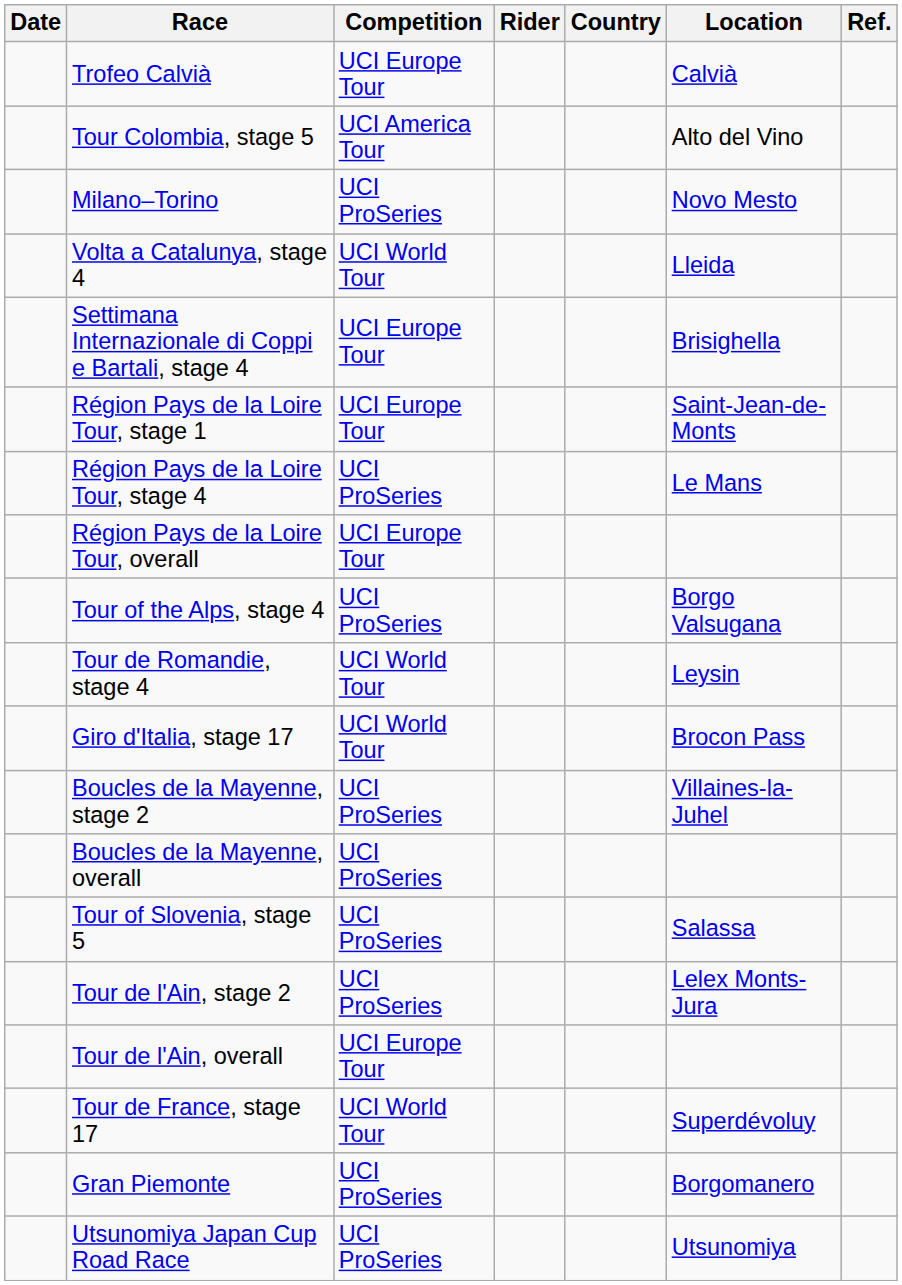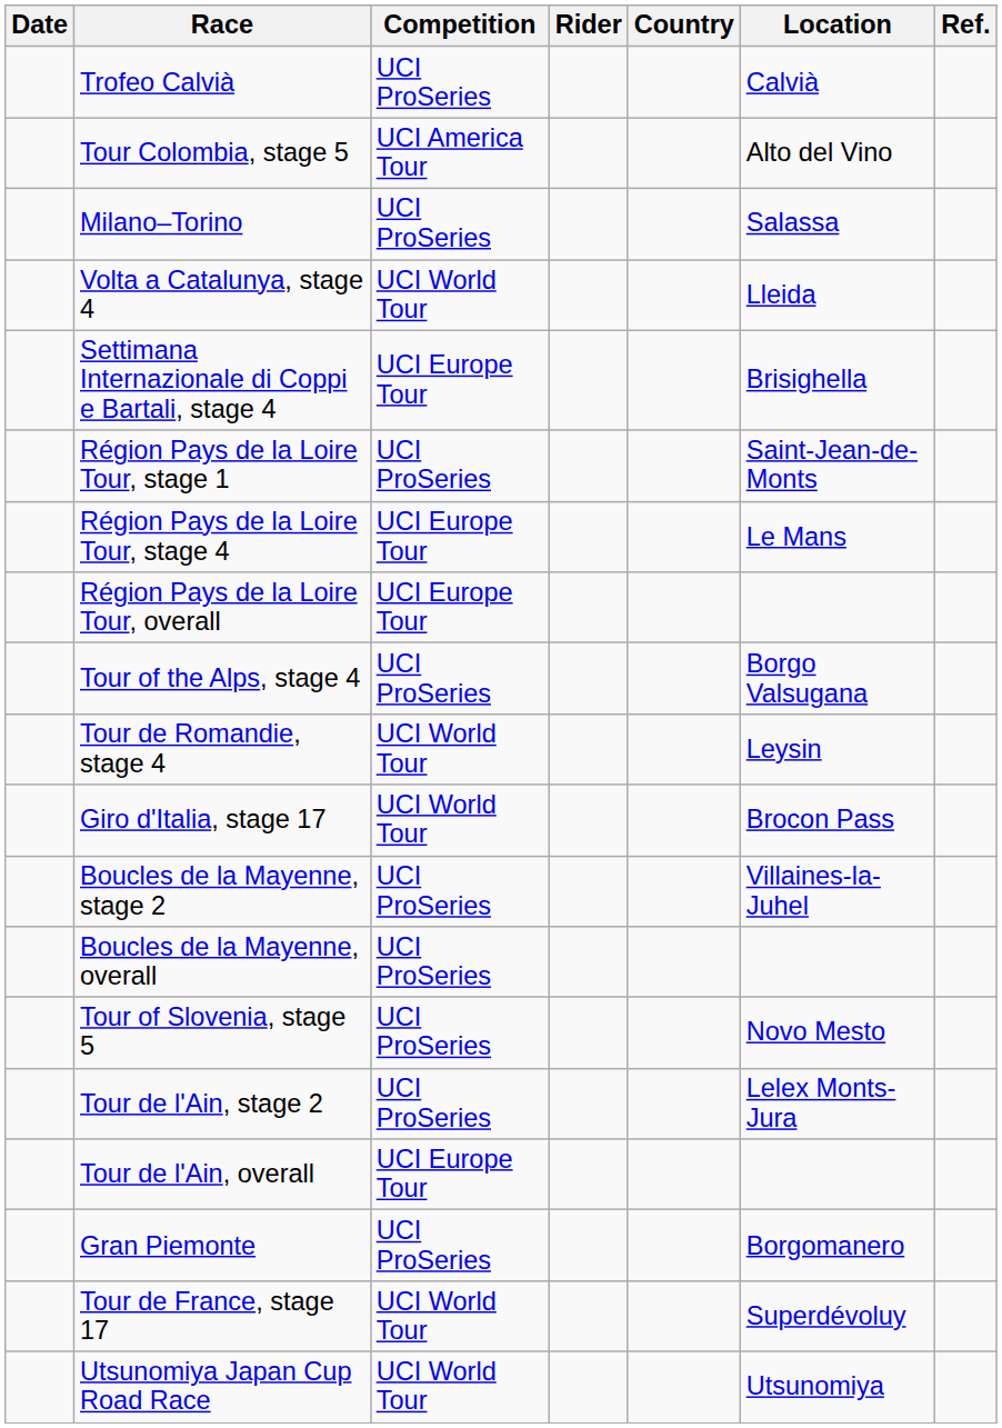 <table class="wikitable sortable">
 <tr>
 <th>Date</th>
 <th>Race</th>
 <th>Competition</th>
 <th>Rider</th>
 <th>Country</th>
 <th>Location</th>
 <th class="unsortable">Ref.</th>
 </tr>
 <tr>
 <td></td>
 <td><a href='#'>Trofeo Calvià</a></td>
-<td><a href='#'>UCI Europe Tour</a></td>
+<td><a href='#'>UCI ProSeries</a></td>
 <td></td>
 <td></td>
 <td><a href='#'>Calvià</a></td>
 <td align="center"></td>
 </tr>
 <tr>
 <td></td>
 <td><a href='#'>Tour Colombia</a>, stage 5</td>
 <td><a href='#'>UCI America Tour</a></td>
 <td></td>
 <td></td>
 <td>Alto del Vino</td>
 <td align="center"></td>
 </tr>
 <tr>
 <td></td>
 <td><a href='#'>Milano–Torino</a></td>
 <td><a href='#'>UCI ProSeries</a></td>
 <td></td>
 <td></td>
-<td><a href='#'>Novo Mesto</a></td>
+<td><a href='#'>Salassa</a></td>
 <td align="center"></td>
 </tr>
 <tr>
 <td></td>
 <td><a href='#'>Volta a Catalunya</a>, stage 4</td>
 <td><a href='#'>UCI World Tour</a></td>
 <td></td>
 <td></td>
 <td><a href='#'>Lleida</a></td>
 <td align="center"></td>
 </tr>
 <tr>
 <td></td>
 <td><a href='#'>Settimana Internazionale di Coppi e Bartali</a>, stage 4</td>
 <td><a href='#'>UCI Europe Tour</a></td>
 <td></td>
 <td></td>
 <td><a href='#'>Brisighella</a></td>
 <td align="center"></td>
 </tr>
 <tr>
 <td></td>
 <td><a href='#'>Région Pays de la Loire Tour</a>, stage 1</td>
-<td><a href='#'>UCI Europe Tour</a></td>
+<td><a href='#'>UCI ProSeries</a></td>
 <td></td>
 <td></td>
 <td><a href='#'>Saint-Jean-de-Monts</a></td>
 <td align="center"></td>
 </tr>
 <tr>
 <td></td>
 <td><a href='#'>Région Pays de la Loire Tour</a>, stage 4</td>
-<td><a href='#'>UCI ProSeries</a></td>
+<td><a href='#'>UCI Europe Tour</a></td>
 <td></td>
 <td></td>
 <td><a href='#'>Le Mans</a></td>
 <td align="center"></td>
 </tr>
 <tr>
 <td></td>
 <td><a href='#'>Région Pays de la Loire Tour</a>, overall</td>
 <td><a href='#'>UCI Europe Tour</a></td>
 <td></td>
 <td></td>
 <td></td>
 <td align="center"></td>
 </tr>
 <tr>
 <td></td>
 <td><a href='#'>Tour of the Alps</a>, stage 4</td>
 <td><a href='#'>UCI ProSeries</a></td>
 <td></td>
 <td></td>
 <td><a href='#'>Borgo Valsugana</a></td>
 <td align="center"></td>
 </tr>
 <tr>
 <td></td>
 <td><a href='#'>Tour de Romandie</a>, stage 4</td>
 <td><a href='#'>UCI World Tour</a></td>
 <td></td>
 <td></td>
 <td><a href='#'>Leysin</a></td>
 <td align="center"></td>
 </tr>
 <tr>
 <td></td>
 <td><a href='#'>Giro d'Italia</a>, stage 17</td>
 <td><a href='#'>UCI World Tour</a></td>
 <td></td>
 <td></td>
 <td><a href='#'>Brocon Pass</a></td>
 <td align="center"></td>
 </tr>
 <tr>
 <td></td>
 <td><a href='#'>Boucles de la Mayenne</a>, stage 2</td>
 <td><a href='#'>UCI ProSeries</a></td>
 <td></td>
 <td></td>
 <td><a href='#'>Villaines-la-Juhel</a></td>
 <td align="center"></td>
 </tr>
 <tr>
 <td></td>
 <td><a href='#'>Boucles de la Mayenne</a>, overall</td>
 <td><a href='#'>UCI ProSeries</a></td>
 <td></td>
 <td></td>
 <td></td>
 <td align="center"></td>
 </tr>
 <tr>
 <td></td>
 <td><a href='#'>Tour of Slovenia</a>, stage 5</td>
 <td><a href='#'>UCI ProSeries</a></td>
 <td></td>
 <td></td>
-<td><a href='#'>Salassa</a></td>
+<td><a href='#'>Novo Mesto</a></td>
 <td align="center"></td>
 </tr>
 <tr>
 <td></td>
 <td><a href='#'>Tour de l'Ain</a>, stage 2</td>
 <td><a href='#'>UCI ProSeries</a></td>
 <td></td>
 <td></td>
 <td><a href='#'> Lelex Monts-Jura</a></td>
 <td align="center"></td>
 </tr>
 <tr>
 <td></td>
 <td><a href='#'>Tour de l'Ain</a>, overall</td>
 <td><a href='#'>UCI Europe Tour</a></td>
 <td></td>
 <td></td>
 <td></td>
 <td align="center"></td>
 </tr>
 <tr>
 <td></td>
+<td><a href='#'>Gran Piemonte</a></td>
+<td><a href='#'>UCI ProSeries</a></td>
+<td></td>
+<td></td>
+<td><a href='#'>Borgomanero</a></td>
+<td align="center"></td>
+</tr>
+<tr>
+<td></td>
 <td><a href='#'>Tour de France</a>, stage 17</td>
 <td><a href='#'>UCI World Tour</a></td>
 <td></td>
 <td></td>
 <td><a href='#'>Superdévoluy</a></td>
 <td align="center"></td>
 </tr>
 <tr>
 <td></td>
-<td><a href='#'>Gran Piemonte</a></td>
-<td><a href='#'>UCI ProSeries</a></td>
-<td></td>
-<td></td>
-<td><a href='#'>Borgomanero</a></td>
-<td align="center"></td>
-</tr>
-<tr>
-<td></td>
 <td><a href='#'>Utsunomiya Japan Cup Road Race</a></td>
-<td><a href='#'>UCI ProSeries</a></td>
+<td><a href='#'>UCI World Tour</a></td>
 <td></td>
 <td></td>
 <td><a href='#'>Utsunomiya</a></td>
 <td align="center"></td>
 </tr>
 </table>
